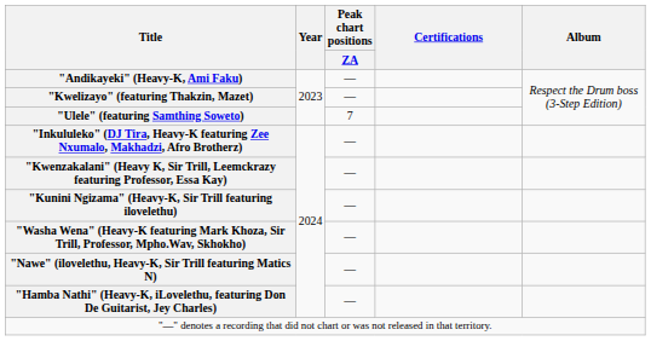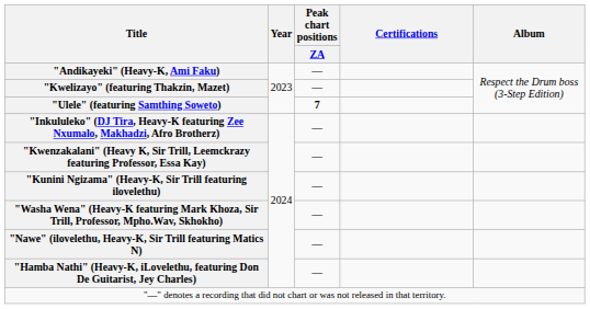 <table class="wikitable plainrowheaders" style="text-align:center;">
 <tr>
 <th scope="col" rowspan="2">Title</th>
 <th scope="col" rowspan="2">Year</th>
 <th scope="col" colspan="1">Peak chart positions</th>
 <th scope="col" rowspan="2" style="width:12em;"><a href='#'>Certifications</a></th>
 <th scope="col" rowspan="2">Album</th>
 </tr>
 <tr>
 <th scope="col" style="width:3em;font-size:100%;"><a href='#'>ZA</a><br></th>
 </tr>
 <tr>
 <th scope="row">"Andikayeki" (Heavy-K, <a href='#'>Ami Faku</a>)</th>
 <td rowspan=3>2023</td>
 <td>—</td>
 <td></td>
 <td rowspan=3><em>Respect the Drum boss (3-Step Edition)</em></td>
 </tr>
 <tr>
 <th scope="row">"Kwelizayo" (featuring Thakzin, Mazet)</th>
 <td>—</td>
 <td></td>
 </tr>
 <tr>
 <th scope="row">"Ulele" (featuring <a href='#'>Samthing Soweto</a>)</th>
-<td>7</td>
+<td><strong>7</strong></td>
 <td></td>
 </tr>
 <tr>
 <th scope="row">"Inkululeko" (<a href='#'>DJ Tira</a>, Heavy-K featuring <a href='#'>Zee Nxumalo</a>, <a href='#'>Makhadzi</a>, Afro Brotherz)</th>
 <td rowspan=6>2024</td>
 <td>—</td>
 <td></td>
 <td></td>
 </tr>
 <tr>
 <th scope="row">"Kwenzakalani" (Heavy K, Sir Trill, Leemckrazy featuring Professor, Essa Kay)</th>
 <td>—</td>
 <td></td>
 <td></td>
 </tr>
 <tr>
 <th scope="row">"Kunini Ngizama" (Heavy-K, Sir Trill featuring ilovelethu)</th>
 <td>—</td>
 <td></td>
 <td></td>
 </tr>
 <tr>
 <th scope="row">"Washa Wena" (Heavy-K featuring Mark Khoza, Sir Trill, Professor, Mpho.Wav, Skhokho)</th>
 <td>—</td>
 <td></td>
 <td></td>
 </tr>
 <tr>
 <th scope="row">"Nawe" (ilovelethu, Heavy-K, Sir Trill featuring Matics N)</th>
 <td>—</td>
 <td></td>
 <td></td>
 </tr>
 <tr>
 <th scope="row">"Hamba Nathi" (Heavy-K, iLovelethu, featuring Don De Guitarist, Jey Charles)</th>
 <td>—</td>
 <td></td>
 <td></td>
 </tr>
 <tr>
 <td colspan="8" style="font-size:90%">"—" denotes a recording that did not chart or was not released in that territory.</td>
 </tr>
 </table>
